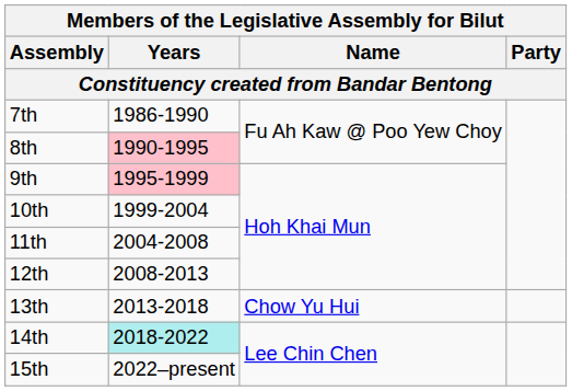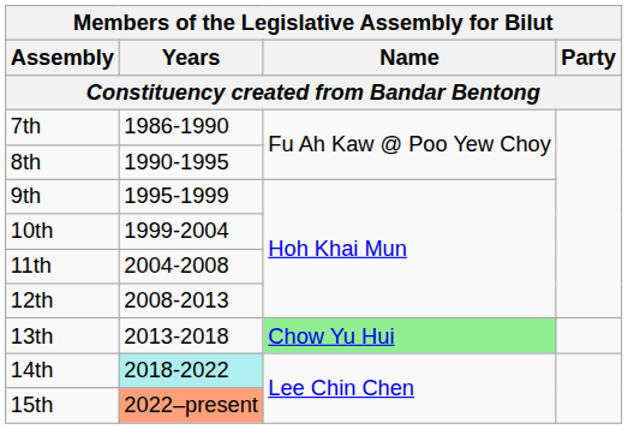 <table class="wikitable">
 <tr>
 <th colspan="4">Members of the Legislative Assembly for Bilut</th>
 </tr>
 <tr>
 <th>Assembly</th>
 <th>Years</th>
 <th>Name</th>
 <th>Party</th>
 </tr>
 <tr>
 <th colspan="4"><em>Constituency created from Bandar Bentong</em></th>
 </tr>
 <tr>
 <td>7th</td>
 <td>1986-1990</td>
 <td rowspan="2">Fu Ah Kaw @ Poo Yew Choy</td>
 <td rowspan="6"></td>
 </tr>
 <tr>
 <td>8th</td>
-<td style="background: pink;">1990-1995</td>
+<td>1990-1995</td>
 </tr>
 <tr>
 <td>9th</td>
-<td style="background: pink;">1995-1999</td>
+<td>1995-1999</td>
 <td rowspan="4"><a href='#'>Hoh Khai Mun</a></td>
 </tr>
 <tr>
 <td>10th</td>
 <td>1999-2004</td>
 </tr>
 <tr>
 <td>11th</td>
 <td>2004-2008</td>
 </tr>
 <tr>
 <td>12th</td>
 <td>2008-2013</td>
 </tr>
 <tr>
 <td>13th</td>
 <td>2013-2018</td>
-<td><a href='#'>Chow Yu Hui</a></td>
+<td style="background: lightgreen;"><a href='#'>Chow Yu Hui</a></td>
 <td></td>
 </tr>
 <tr>
 <td>14th</td>
 <td style="background: paleturquoise;">2018-2022</td>
 <td rowspan="2"><a href='#'>Lee Chin Chen</a></td>
 <td rowspan="2"></td>
 </tr>
 <tr>
 <td>15th</td>
-<td>2022–present</td>
+<td style="background: lightsalmon;">2022–present</td>
 </tr>
 </table>
